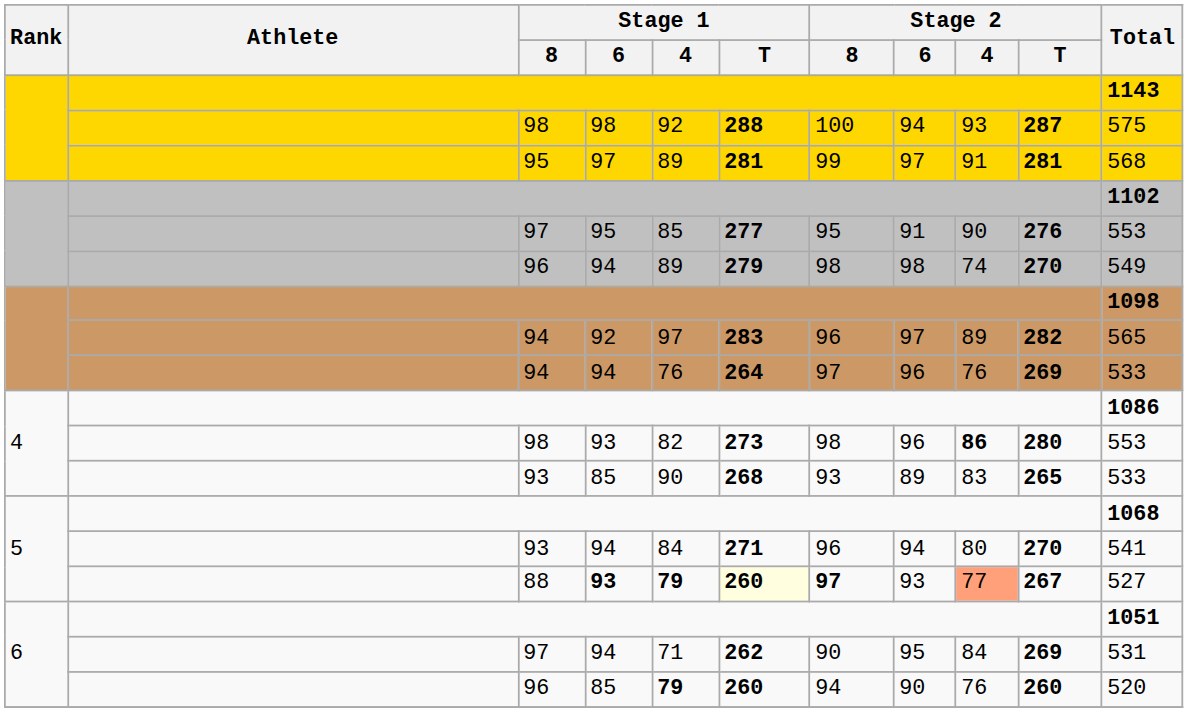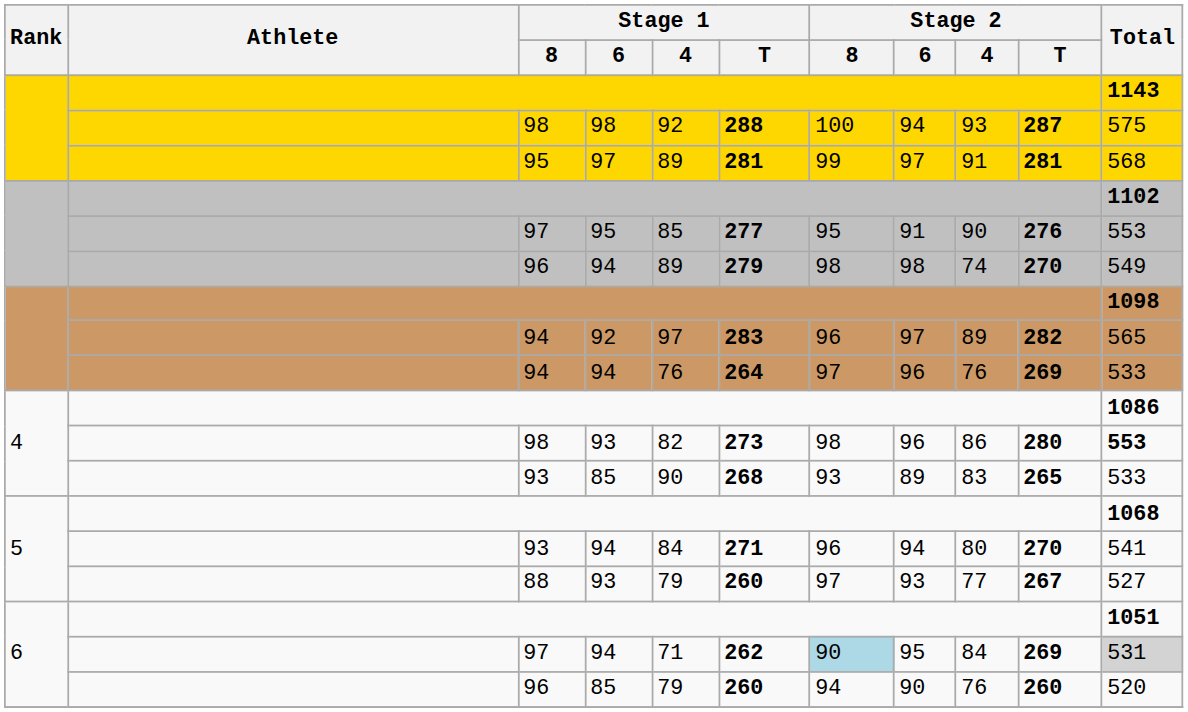 <table class="wikitable" style="font-size:95%" style="width:35em;" style="text-align:center">
 <tr>
 <th rowspan=2>Rank</th>
 <th rowspan=2 width=250>Athlete</th>
 <th colspan=4 width=160>Stage 1</th>
 <th colspan=4 width=160>Stage 2</th>
 <th rowspan=2 width=40>Total</th>
 </tr>
 <tr>
 <th>8</th>
 <th>6</th>
 <th>4</th>
 <th>T</th>
 <th>8</th>
 <th>6</th>
 <th>4</th>
 <th>T</th>
 </tr>
 <tr bgcolor=gold>
 <td rowspan=3></td>
 <td colspan=9 align=left></td>
 <td><strong>1143</strong></td>
 </tr>
 <tr bgcolor=gold>
 <td align=left></td>
 <td>98</td>
 <td>98</td>
 <td>92</td>
 <td><strong>288</strong></td>
 <td>100</td>
 <td>94</td>
 <td>93</td>
 <td><strong>287</strong></td>
 <td>575</td>
 </tr>
 <tr bgcolor=gold>
 <td align=left></td>
 <td>95</td>
 <td>97</td>
 <td>89</td>
 <td><strong>281</strong></td>
 <td>99</td>
 <td>97</td>
 <td>91</td>
 <td><strong>281</strong></td>
 <td>568</td>
 </tr>
 <tr bgcolor=silver>
 <td rowspan=3></td>
 <td colspan=9 align=left></td>
 <td><strong>1102</strong></td>
 </tr>
 <tr bgcolor=silver>
 <td align=left></td>
 <td>97</td>
 <td>95</td>
 <td>85</td>
 <td><strong>277</strong></td>
 <td>95</td>
 <td>91</td>
 <td>90</td>
 <td><strong>276</strong></td>
 <td>553</td>
 </tr>
 <tr bgcolor=silver>
 <td align=left></td>
 <td>96</td>
 <td>94</td>
 <td>89</td>
 <td><strong>279</strong></td>
 <td>98</td>
 <td>98</td>
 <td>74</td>
 <td><strong>270</strong></td>
 <td>549</td>
 </tr>
 <tr bgcolor=cc9966>
 <td rowspan=3></td>
 <td colspan=9 align=left></td>
 <td><strong>1098</strong></td>
 </tr>
 <tr bgcolor=cc9966>
 <td align=left></td>
 <td>94</td>
 <td>92</td>
 <td>97</td>
 <td><strong>283</strong></td>
 <td>96</td>
 <td>97</td>
 <td>89</td>
 <td><strong>282</strong></td>
 <td>565</td>
 </tr>
 <tr bgcolor=cc9966>
 <td align=left></td>
 <td>94</td>
 <td>94</td>
 <td>76</td>
 <td><strong>264</strong></td>
 <td>97</td>
 <td>96</td>
 <td>76</td>
 <td><strong>269</strong></td>
 <td>533</td>
 </tr>
 <tr>
 <td rowspan=3>4</td>
 <td colspan=9 align=left></td>
 <td><strong>1086</strong></td>
 </tr>
 <tr>
 <td align=left></td>
 <td>98</td>
 <td>93</td>
 <td>82</td>
 <td><strong>273</strong></td>
 <td>98</td>
 <td>96</td>
-<td><strong>86</strong></td>
+<td>86</td>
 <td><strong>280</strong></td>
-<td>553</td>
+<td><strong>553</strong></td>
 </tr>
 <tr>
 <td align=left></td>
 <td>93</td>
 <td>85</td>
 <td>90</td>
 <td><strong>268</strong></td>
 <td>93</td>
 <td>89</td>
 <td>83</td>
 <td><strong>265</strong></td>
 <td>533</td>
 </tr>
 <tr>
 <td rowspan=3>5</td>
 <td colspan=9 align=left></td>
 <td><strong>1068</strong></td>
 </tr>
 <tr>
 <td align=left></td>
 <td>93</td>
 <td>94</td>
 <td>84</td>
 <td><strong>271</strong></td>
 <td>96</td>
 <td>94</td>
 <td>80</td>
 <td><strong>270</strong></td>
 <td>541</td>
 </tr>
 <tr>
 <td align=left></td>
 <td>88</td>
-<td><strong>93</strong></td>
-<td><strong>79</strong></td>
-<td style="background: lightyellow;"><strong>260</strong></td>
-<td><strong>97</strong></td>
 <td>93</td>
-<td style="background: lightsalmon;">77</td>
+<td>79</td>
+<td><strong>260</strong></td>
+<td>97</td>
+<td>93</td>
+<td>77</td>
 <td><strong>267</strong></td>
 <td>527</td>
 </tr>
 <tr>
 <td rowspan=3>6</td>
 <td colspan=9 align=left></td>
 <td><strong>1051</strong></td>
 </tr>
 <tr>
 <td align=left></td>
 <td>97</td>
 <td>94</td>
 <td>71</td>
 <td><strong>262</strong></td>
-<td>90</td>
+<td style="background: lightblue;">90</td>
 <td>95</td>
 <td>84</td>
 <td><strong>269</strong></td>
-<td>531</td>
+<td style="background: lightgrey;">531</td>
 </tr>
 <tr>
 <td align=left></td>
 <td>96</td>
 <td>85</td>
-<td><strong>79</strong></td>
+<td>79</td>
 <td><strong>260</strong></td>
 <td>94</td>
 <td>90</td>
 <td>76</td>
 <td><strong>260</strong></td>
 <td>520</td>
 </tr>
 <tr>
 </tr>
 </table>
